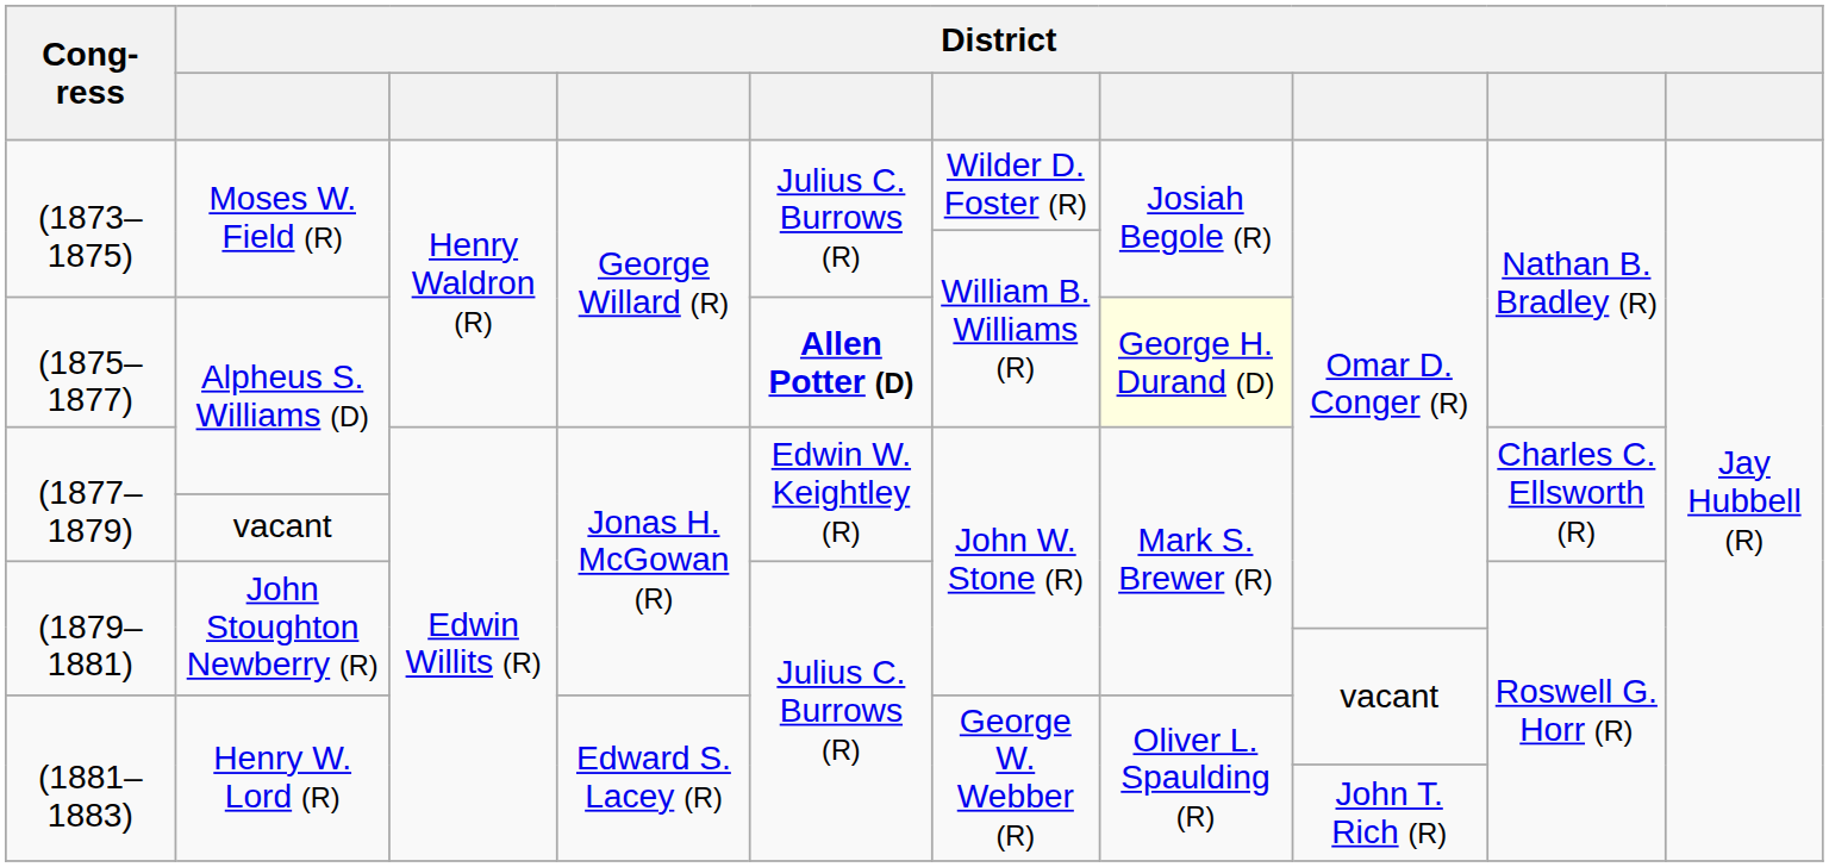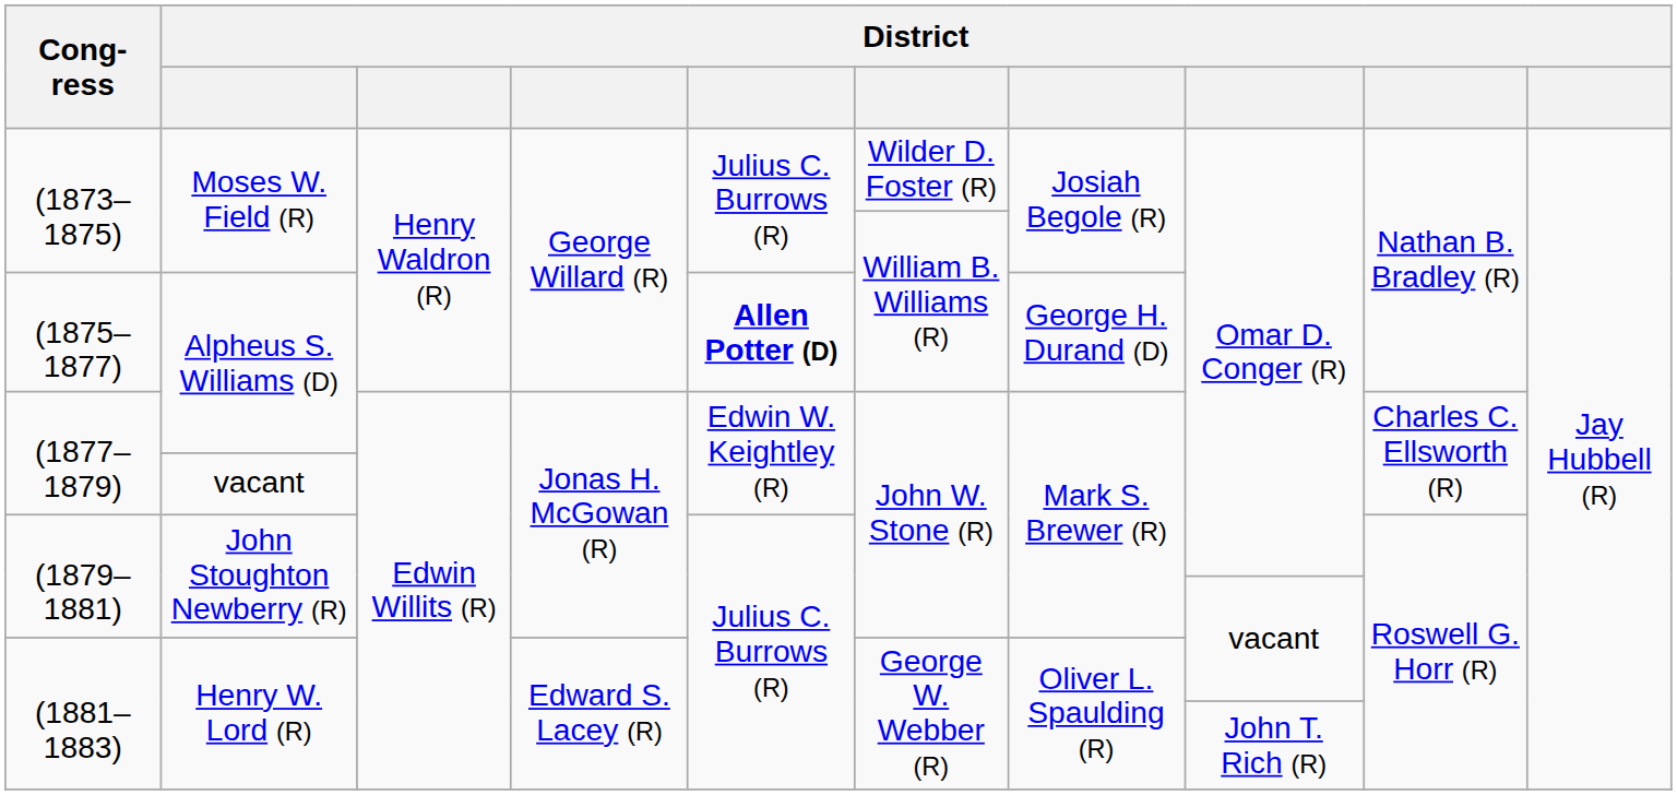 <table class=wikitable style="text-align:center">
 <tr style="height:2em">
 <th rowspan=2>Cong­ress</th>
 <th colspan=9>District</th>
 </tr>
 <tr style="height:2em" valign=bottom>
 <th></th>
 <th></th>
 <th></th>
 <th></th>
 <th></th>
 <th></th>
 <th></th>
 <th></th>
 <th></th>
 </tr>
 <tr style="height:2em">
 <td rowspan=2><strong></strong><br>(1873–1875)</td>
 <td rowspan=2 ><a href='#'>Moses W.<br>Field</a> <small>(R)</small></td>
 <td rowspan=3 ><a href='#'>Henry<br>Waldron</a> <small>(R)</small></td>
 <td rowspan=3 ><a href='#'>George<br>Willard</a> <small>(R)</small></td>
 <td rowspan=2 ><a href='#'>Julius C.<br>Burrows</a> <small>(R)</small></td>
 <td><a href='#'>Wilder D.<br>Foster</a> <small>(R)</small></td>
 <td rowspan=2 ><a href='#'>Josiah<br>Begole</a> <small>(R)</small></td>
 <td rowspan=6 ><a href='#'>Omar D.<br>Conger</a> <small>(R)</small></td>
 <td rowspan=3 ><a href='#'>Nathan B.<br>Bradley</a> <small>(R)</small></td>
 <td rowspan=9 ><a href='#'>Jay<br>Hubbell</a> <small>(R)</small></td>
 </tr>
 <tr style="height:2em">
 <td rowspan=2 ><a href='#'>William B.<br>Williams</a> <small>(R)</small></td>
 </tr>
 <tr style="height:2em">
 <td><strong></strong><br>(1875–1877)</td>
 <td rowspan=2 ><a href='#'>Alpheus S.<br>Williams</a> <small>(D)</small></td>
 <td><strong><a href='#'>Allen<br>Potter</a> <small>(D)</small></strong></td>
-<td style="background: lightyellow;"><a href='#'>George H.<br>Durand</a> <small>(D)</small></td>
+<td><a href='#'>George H.<br>Durand</a> <small>(D)</small></td>
 </tr>
 <tr style="height:2em">
 <td rowspan=2><strong></strong><br>(1877–1879)</td>
 <td rowspan=6 ><a href='#'>Edwin<br>Willits</a> <small>(R)</small></td>
 <td rowspan=4 ><a href='#'>Jonas H.<br>McGowan</a> <small>(R)</small></td>
 <td rowspan=2 ><a href='#'>Edwin W.<br>Keightley</a> <small>(R)</small></td>
 <td rowspan=4 ><a href='#'>John W.<br>Stone</a> <small>(R)</small></td>
 <td rowspan=4 ><a href='#'>Mark S.<br>Brewer</a> <small>(R)</small></td>
 <td rowspan=2 ><a href='#'>Charles C.<br>Ellsworth</a> <small>(R)</small></td>
 </tr>
 <tr style="height:2em">
 <td>vacant</td>
 </tr>
 <tr style="height:2em">
 <td rowspan=2><strong></strong><br>(1879–1881)</td>
 <td rowspan=2 ><a href='#'>John Stoughton<br>Newberry</a> <small>(R)</small></td>
 <td rowspan=4 ><a href='#'>Julius C.<br>Burrows</a> <small>(R)</small></td>
 <td rowspan="4" ><a href='#'>Roswell G.<br>Horr</a> <small>(R)</small></td>
 </tr>
 <tr style="height:2em">
 <td rowspan=2 >vacant</td>
 </tr>
 <tr style="height:2em">
 <td rowspan=2><strong></strong><br>(1881–1883)</td>
 <td rowspan=2 ><a href='#'>Henry W.<br>Lord</a> <small>(R)</small></td>
 <td rowspan="2" ><a href='#'>Edward S.<br>Lacey</a> <small>(R)</small></td>
 <td rowspan=2 ><a href='#'>George W.<br>Webber</a> <small>(R)</small></td>
 <td rowspan=2 ><a href='#'>Oliver L.<br>Spaulding</a> <small>(R)</small></td>
 </tr>
 <tr style="height:2em">
 <td><a href='#'>John T. Rich</a> <small>(R)</small></td>
 </tr>
 </table>
